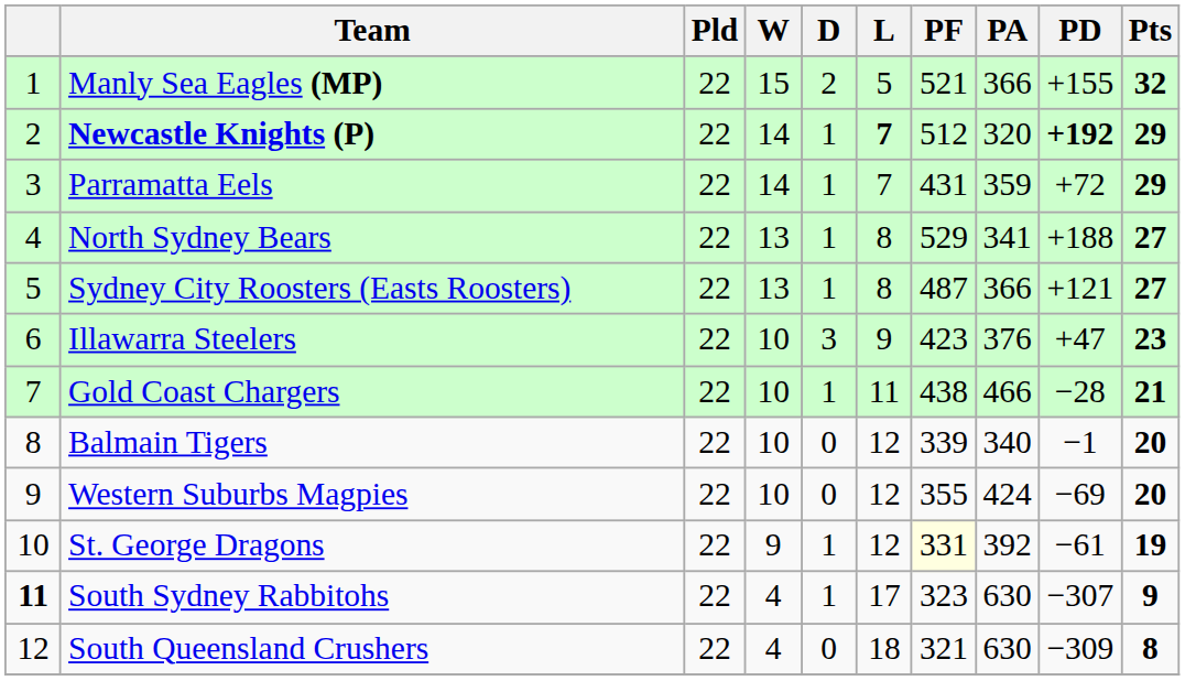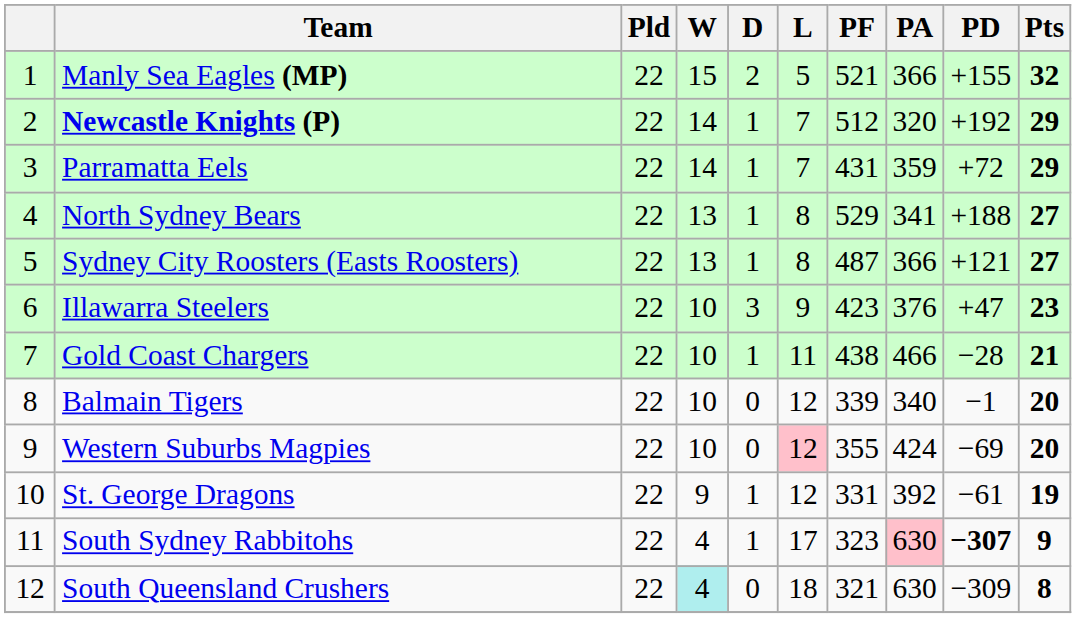 <table class="wikitable" style="text-align:center;">
 <tr>
 <th width=020 abbr="Position"></th>
 <th width=300>Team</th>
 <th width=020 abbr="Played">Pld</th>
 <th width=020 abbr="Won">W</th>
 <th width=020 abbr="Drawn">D</th>
 <th width=020 abbr="Lost">L</th>
 <th width=020 abbr="Points for">PF</th>
 <th width=020 abbr="Points against">PA</th>
 <th width=020 abbr="Points difference">PD</th>
 <th width=020 abbr="Points">Pts</th>
 </tr>
 <tr style="background: #ccffcc;">
 <td>1</td>
 <td style="text-align:left;"> <a href='#'>Manly Sea Eagles</a> <strong>(MP)</strong></td>
 <td>22</td>
 <td>15</td>
 <td>2</td>
 <td>5</td>
 <td>521</td>
 <td>366</td>
 <td>+155</td>
 <td><strong>32</strong></td>
 </tr>
 <tr style="background: #ccffcc;">
 <td>2</td>
 <td style="text-align:left;"> <strong><a href='#'>Newcastle Knights</a> (P)</strong></td>
 <td>22</td>
 <td>14</td>
 <td>1</td>
-<td><strong>7</strong></td>
+<td>7</td>
 <td>512</td>
 <td>320</td>
-<td><strong>+192</strong></td>
+<td>+192</td>
 <td><strong>29</strong></td>
 </tr>
 <tr style="background: #ccffcc;">
 <td>3</td>
 <td style="text-align:left;"> <a href='#'>Parramatta Eels</a></td>
 <td>22</td>
 <td>14</td>
 <td>1</td>
 <td>7</td>
 <td>431</td>
 <td>359</td>
 <td>+72</td>
 <td><strong>29</strong></td>
 </tr>
 <tr style="background: #ccffcc;">
 <td>4</td>
 <td style="text-align:left;"> <a href='#'>North Sydney Bears</a></td>
 <td>22</td>
 <td>13</td>
 <td>1</td>
 <td>8</td>
 <td>529</td>
 <td>341</td>
 <td>+188</td>
 <td><strong>27</strong></td>
 </tr>
 <tr style="background: #ccffcc;">
 <td>5</td>
 <td style="text-align:left;"> <a href='#'>Sydney City Roosters (Easts Roosters)</a></td>
 <td>22</td>
 <td>13</td>
 <td>1</td>
 <td>8</td>
 <td>487</td>
 <td>366</td>
 <td>+121</td>
 <td><strong>27</strong></td>
 </tr>
 <tr style="background: #ccffcc;">
 <td>6</td>
 <td style="text-align:left;"> <a href='#'>Illawarra Steelers</a></td>
 <td>22</td>
 <td>10</td>
 <td>3</td>
 <td>9</td>
 <td>423</td>
 <td>376</td>
 <td>+47</td>
 <td><strong>23</strong></td>
 </tr>
 <tr style="background: #ccffcc;">
 <td>7</td>
 <td style="text-align:left;"> <a href='#'>Gold Coast Chargers</a></td>
 <td>22</td>
 <td>10</td>
 <td>1</td>
 <td>11</td>
 <td>438</td>
 <td>466</td>
 <td>−28</td>
 <td><strong>21</strong></td>
 </tr>
 <tr>
 <td>8</td>
 <td style="text-align:left;"> <a href='#'>Balmain Tigers</a></td>
 <td>22</td>
 <td>10</td>
 <td>0</td>
 <td>12</td>
 <td>339</td>
 <td>340</td>
 <td>−1</td>
 <td><strong>20</strong></td>
 </tr>
 <tr>
 <td>9</td>
 <td style="text-align:left;"> <a href='#'>Western Suburbs Magpies</a></td>
 <td>22</td>
 <td>10</td>
 <td>0</td>
-<td>12</td>
+<td style="background: pink;">12</td>
 <td>355</td>
 <td>424</td>
 <td>−69</td>
 <td><strong>20</strong></td>
 </tr>
 <tr>
 <td>10</td>
 <td style="text-align:left;"> <a href='#'>St. George Dragons</a></td>
 <td>22</td>
 <td>9</td>
 <td>1</td>
 <td>12</td>
-<td style="background: lightyellow;">331</td>
+<td>331</td>
 <td>392</td>
 <td>−61</td>
 <td><strong>19</strong></td>
 </tr>
 <tr>
-<td><strong>11</strong></td>
+<td>11</td>
 <td style="text-align:left;"> <a href='#'>South Sydney Rabbitohs</a></td>
 <td>22</td>
 <td>4</td>
 <td>1</td>
 <td>17</td>
 <td>323</td>
-<td>630</td>
-<td>−307</td>
+<td style="background: pink;">630</td>
+<td><strong>−307</strong></td>
 <td><strong>9</strong></td>
 </tr>
 <tr>
 <td>12</td>
 <td style="text-align:left;"> <a href='#'>South Queensland Crushers</a></td>
 <td>22</td>
-<td>4</td>
+<td style="background: paleturquoise;">4</td>
 <td>0</td>
 <td>18</td>
 <td>321</td>
 <td>630</td>
 <td>−309</td>
 <td><strong>8</strong></td>
 </tr>
 <tr>
 </tr>
 </table>
